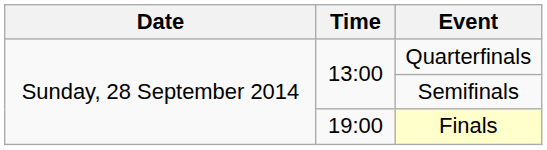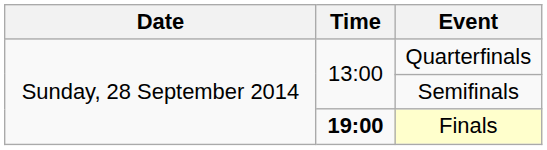 <table class = "wikitable" style="text-align:center;">
 <tr>
 <th width=220>Date</th>
 <th width=50>Time</th>
 <th width=100>Event</th>
 </tr>
 <tr>
 <td rowspan=3>Sunday, 28 September 2014</td>
 <td rowspan=2>13:00</td>
 <td>Quarterfinals</td>
 </tr>
 <tr>
 <td>Semifinals</td>
 </tr>
 <tr>
-<td>19:00</td>
+<td><strong>19:00</strong></td>
 <td bgcolor=ffffcc>Finals</td>
 </tr>
 </table>
